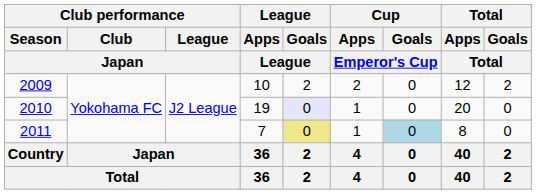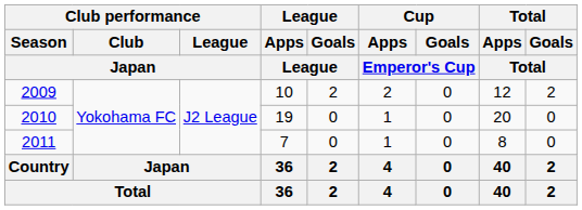 <table class="wikitable" style="text-align:center;">
 <tr>
 <th colspan=3>Club performance</th>
 <th colspan=2>League</th>
 <th colspan=2>Cup</th>
 <th colspan=2>Total</th>
 </tr>
 <tr>
 <th>Season</th>
 <th>Club</th>
 <th>League</th>
 <th>Apps</th>
 <th>Goals</th>
 <th>Apps</th>
 <th>Goals</th>
 <th>Apps</th>
 <th>Goals</th>
 </tr>
 <tr>
 <th colspan=3>Japan</th>
 <th colspan=2>League</th>
 <th colspan=2><a href='#'>Emperor's Cup</a></th>
 <th colspan=2>Total</th>
 </tr>
 <tr>
 <td><a href='#'>2009</a></td>
 <td rowspan="3"><a href='#'>Yokohama FC</a></td>
 <td rowspan="3"><a href='#'>J2 League</a></td>
 <td>10</td>
 <td>2</td>
 <td>2</td>
 <td>0</td>
 <td>12</td>
 <td>2</td>
 </tr>
 <tr>
 <td><a href='#'>2010</a></td>
 <td>19</td>
-<td style="background: lavender;">0</td>
+<td>0</td>
 <td>1</td>
 <td>0</td>
 <td>20</td>
 <td>0</td>
 </tr>
 <tr>
 <td><a href='#'>2011</a></td>
 <td>7</td>
-<td style="background: khaki;">0</td>
+<td>0</td>
 <td>1</td>
-<td style="background: lightblue;">0</td>
+<td>0</td>
 <td>8</td>
 <td>0</td>
 </tr>
 <tr>
 <th rowspan=1>Country</th>
 <th colspan=2>Japan</th>
 <th>36</th>
 <th>2</th>
 <th>4</th>
 <th>0</th>
 <th>40</th>
 <th>2</th>
 </tr>
 <tr>
 <th colspan=3>Total</th>
 <th>36</th>
 <th>2</th>
 <th>4</th>
 <th>0</th>
 <th>40</th>
 <th>2</th>
 </tr>
 </table>
